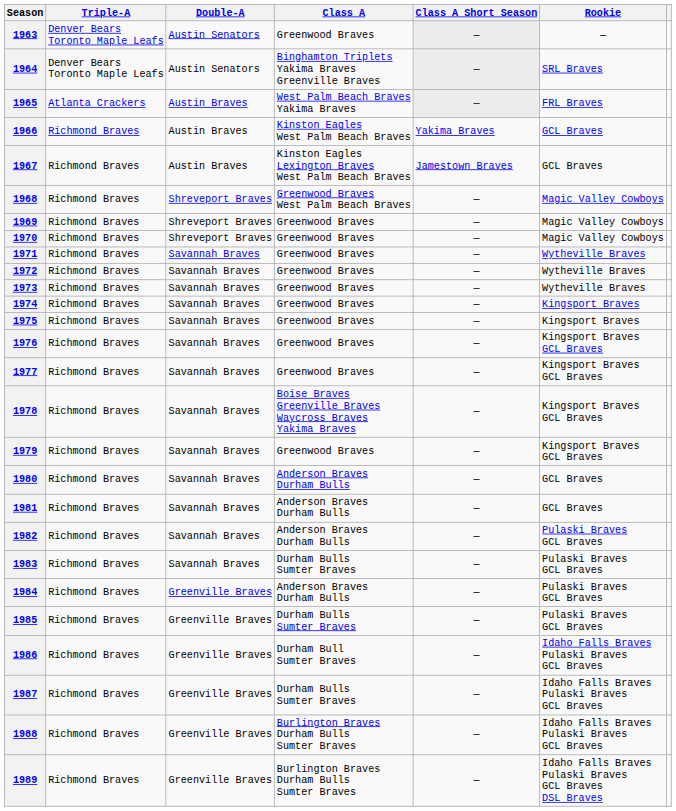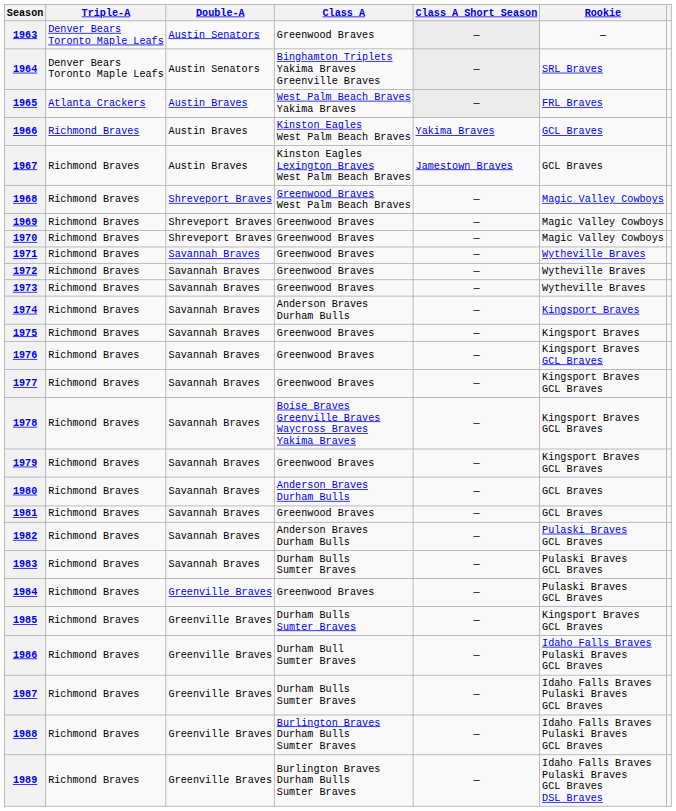 <table class="wikitable plainrowheaders">
 <tr>
 <th scope="col">Season</th>
 <th scope="col"><a href='#'><span>Triple-A</span></a></th>
 <th scope="col"><a href='#'><span>Double-A</span></a></th>
 <th scope="col"><a href='#'><span>Class A</span></a></th>
 <th scope="col"><a href='#'><span>Class A Short Season</span></a></th>
 <th scope="col"><a href='#'><span>Rookie</span></a></th>
 <th scope="col"></th>
 </tr>
 <tr>
 <th scope="row" style="text-align:center"><a href='#'>1963</a></th>
 <td><a href='#'>Denver Bears</a><br><a href='#'>Toronto Maple Leafs</a></td>
 <td><a href='#'>Austin Senators</a></td>
 <td>Greenwood Braves</td>
 <td style="background:#ececec" align="center">—</td>
 <td align="center">—</td>
 <td align="center"></td>
 </tr>
 <tr>
 <th scope="row" style="text-align:center"><a href='#'>1964</a></th>
 <td>Denver Bears<br>Toronto Maple Leafs</td>
 <td>Austin Senators</td>
 <td><a href='#'>Binghamton Triplets</a><br>Yakima Braves<br>Greenville Braves</td>
 <td style="background:#ececec" align="center">—</td>
 <td><a href='#'>SRL Braves</a></td>
 <td align="center"></td>
 </tr>
 <tr>
 <th scope="row" style="text-align:center"><a href='#'>1965</a></th>
 <td><a href='#'>Atlanta Crackers</a></td>
 <td><a href='#'>Austin Braves</a></td>
 <td><a href='#'>West Palm Beach Braves</a><br>Yakima Braves</td>
 <td style="background:#ececec" align="center">—</td>
 <td><a href='#'>FRL Braves</a></td>
 <td align="center"></td>
 </tr>
 <tr>
 <th scope="row" style="text-align:center"><a href='#'>1966</a></th>
 <td><a href='#'>Richmond Braves</a></td>
 <td>Austin Braves</td>
 <td><a href='#'>Kinston Eagles</a><br>West Palm Beach Braves</td>
 <td><a href='#'>Yakima Braves</a></td>
 <td><a href='#'>GCL Braves</a></td>
 <td align="center"></td>
 </tr>
 <tr>
 <th scope="row" style="text-align:center"><a href='#'>1967</a></th>
 <td>Richmond Braves</td>
 <td>Austin Braves</td>
 <td>Kinston Eagles<br><a href='#'>Lexington Braves</a><br>West Palm Beach Braves</td>
 <td><a href='#'>Jamestown Braves</a></td>
 <td>GCL Braves</td>
 <td align="center"></td>
 </tr>
 <tr>
 <th scope="row" style="text-align:center"><a href='#'>1968</a></th>
 <td>Richmond Braves</td>
 <td><a href='#'>Shreveport Braves</a></td>
 <td><a href='#'>Greenwood Braves</a><br>West Palm Beach Braves</td>
 <td align="center">—</td>
 <td><a href='#'>Magic Valley Cowboys</a></td>
 <td align="center"></td>
 </tr>
 <tr>
 <th scope="row" style="text-align:center"><a href='#'>1969</a></th>
 <td>Richmond Braves</td>
 <td>Shreveport Braves</td>
 <td>Greenwood Braves</td>
 <td align="center">—</td>
 <td>Magic Valley Cowboys</td>
 <td align="center"></td>
 </tr>
 <tr>
 <th scope="row" style="text-align:center"><a href='#'>1970</a></th>
 <td>Richmond Braves</td>
 <td>Shreveport Braves</td>
 <td>Greenwood Braves</td>
 <td align="center">—</td>
 <td>Magic Valley Cowboys</td>
 <td align="center"></td>
 </tr>
 <tr>
 <th scope="row" style="text-align:center"><a href='#'>1971</a></th>
 <td>Richmond Braves</td>
 <td><a href='#'>Savannah Braves</a></td>
 <td>Greenwood Braves</td>
 <td align="center">—</td>
 <td><a href='#'>Wytheville Braves</a></td>
 <td align="center"></td>
 </tr>
 <tr>
 <th scope="row" style="text-align:center"><a href='#'>1972</a></th>
 <td>Richmond Braves</td>
 <td>Savannah Braves</td>
 <td>Greenwood Braves</td>
 <td align="center">—</td>
 <td>Wytheville Braves</td>
 <td align="center"></td>
 </tr>
 <tr>
 <th scope="row" style="text-align:center"><a href='#'>1973</a></th>
 <td>Richmond Braves</td>
 <td>Savannah Braves</td>
 <td>Greenwood Braves</td>
 <td align="center">—</td>
 <td>Wytheville Braves</td>
 <td align="center"></td>
 </tr>
 <tr>
 <th scope="row" style="text-align:center"><a href='#'>1974</a></th>
 <td>Richmond Braves</td>
 <td>Savannah Braves</td>
-<td>Greenwood Braves</td>
+<td>Anderson Braves<br>Durham Bulls</td>
 <td align="center">—</td>
 <td><a href='#'>Kingsport Braves</a></td>
 <td align="center"></td>
 </tr>
 <tr>
 <th scope="row" style="text-align:center"><a href='#'>1975</a></th>
 <td>Richmond Braves</td>
 <td>Savannah Braves</td>
 <td>Greenwood Braves</td>
 <td align="center">—</td>
 <td>Kingsport Braves</td>
 <td align="center"></td>
 </tr>
 <tr>
 <th scope="row" style="text-align:center"><a href='#'>1976</a></th>
 <td>Richmond Braves</td>
 <td>Savannah Braves</td>
 <td>Greenwood Braves</td>
 <td align="center">—</td>
 <td>Kingsport Braves<br><a href='#'>GCL Braves</a></td>
 <td align="center"></td>
 </tr>
 <tr>
 <th scope="row" style="text-align:center"><a href='#'>1977</a></th>
 <td>Richmond Braves</td>
 <td>Savannah Braves</td>
 <td>Greenwood Braves</td>
 <td align="center">—</td>
 <td>Kingsport Braves<br>GCL Braves</td>
 <td align="center"></td>
 </tr>
 <tr>
 <th scope="row" style="text-align:center"><a href='#'>1978</a></th>
 <td>Richmond Braves</td>
 <td>Savannah Braves</td>
 <td><a href='#'>Boise Braves</a><br><a href='#'>Greenville Braves</a><br><a href='#'>Waycross Braves</a><br><a href='#'>Yakima Braves</a></td>
 <td align="center">—</td>
 <td>Kingsport Braves<br>GCL Braves</td>
 <td align="center"></td>
 </tr>
 <tr>
 <th scope="row" style="text-align:center"><a href='#'>1979</a></th>
 <td>Richmond Braves</td>
 <td>Savannah Braves</td>
 <td>Greenwood Braves</td>
 <td align="center">—</td>
 <td>Kingsport Braves<br>GCL Braves</td>
 <td align="center"></td>
 </tr>
 <tr>
 <th scope="row" style="text-align:center"><a href='#'>1980</a></th>
 <td>Richmond Braves</td>
 <td>Savannah Braves</td>
 <td><a href='#'>Anderson Braves</a><br><a href='#'>Durham Bulls</a></td>
 <td align="center">—</td>
 <td>GCL Braves</td>
 <td align="center"></td>
 </tr>
 <tr>
 <th scope="row" style="text-align:center"><a href='#'>1981</a></th>
 <td>Richmond Braves</td>
 <td>Savannah Braves</td>
-<td>Anderson Braves<br>Durham Bulls</td>
+<td>Greenwood Braves</td>
 <td align="center">—</td>
 <td>GCL Braves</td>
 <td align="center"></td>
 </tr>
 <tr>
 <th scope="row" style="text-align:center"><a href='#'>1982</a></th>
 <td>Richmond Braves</td>
 <td>Savannah Braves</td>
 <td>Anderson Braves<br>Durham Bulls</td>
 <td align="center">—</td>
 <td><a href='#'>Pulaski Braves</a><br>GCL Braves</td>
 <td align="center"></td>
 </tr>
 <tr>
 <th scope="row" style="text-align:center"><a href='#'>1983</a></th>
 <td>Richmond Braves</td>
 <td>Savannah Braves</td>
 <td>Durham Bulls<br>Sumter Braves</td>
 <td align="center">—</td>
 <td>Pulaski Braves<br>GCL Braves</td>
 <td align="center"></td>
 </tr>
 <tr>
 <th scope="row" style="text-align:center"><a href='#'>1984</a></th>
 <td>Richmond Braves</td>
 <td><a href='#'>Greenville Braves</a></td>
-<td>Anderson Braves<br>Durham Bulls</td>
+<td>Greenwood Braves</td>
 <td align="center">—</td>
 <td>Pulaski Braves<br>GCL Braves</td>
 <td align="center"></td>
 </tr>
 <tr>
 <th scope="row" style="text-align:center"><a href='#'>1985</a></th>
 <td>Richmond Braves</td>
 <td>Greenville Braves</td>
 <td>Durham Bulls<br><a href='#'>Sumter Braves</a></td>
 <td align="center">—</td>
-<td>Pulaski Braves<br>GCL Braves</td>
+<td>Kingsport Braves<br>GCL Braves</td>
 <td align="center"></td>
 </tr>
 <tr>
 <th scope="row" style="text-align:center"><a href='#'>1986</a></th>
 <td>Richmond Braves</td>
 <td>Greenville Braves</td>
 <td>Durham Bull<br>Sumter Braves</td>
 <td align="center">—</td>
 <td><a href='#'>Idaho Falls Braves</a><br>Pulaski Braves<br>GCL Braves</td>
 <td align="center"></td>
 </tr>
 <tr>
 <th scope="row" style="text-align:center"><a href='#'>1987</a></th>
 <td>Richmond Braves</td>
 <td>Greenville Braves</td>
 <td>Durham Bulls<br>Sumter Braves</td>
 <td align="center">—</td>
 <td>Idaho Falls Braves<br>Pulaski Braves<br>GCL Braves</td>
 <td align="center"></td>
 </tr>
 <tr>
 <th scope="row" style="text-align:center"><a href='#'>1988</a></th>
 <td>Richmond Braves</td>
 <td>Greenville Braves</td>
 <td><a href='#'>Burlington Braves</a><br>Durham Bulls<br>Sumter Braves</td>
 <td align="center">—</td>
 <td>Idaho Falls Braves<br>Pulaski Braves<br>GCL Braves</td>
 <td align="center"></td>
 </tr>
 <tr>
 <th scope="row" style="text-align:center"><a href='#'>1989</a></th>
 <td>Richmond Braves</td>
 <td>Greenville Braves</td>
 <td>Burlington Braves<br>Durham Bulls<br>Sumter Braves</td>
 <td align="center">—</td>
 <td>Idaho Falls Braves<br>Pulaski Braves<br>GCL Braves<br><a href='#'>DSL Braves</a></td>
 <td align="center"></td>
 </tr>
 </table>
